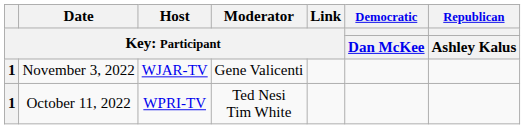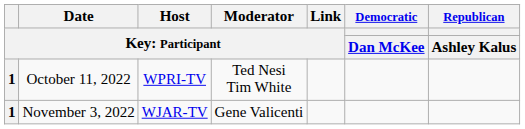 <table class="wikitable" style="text-align:center;">
 <tr>
 <th scope="col"></th>
 <th scope="col">Date</th>
 <th scope="col">Host</th>
 <th scope="col">Moderator</th>
 <th scope="col">Link</th>
 <th scope="col"><small><a href='#'>Democratic</a></small></th>
 <th scope="col"><small><a href='#'>Republican</a></small></th>
 </tr>
 <tr>
 <th colspan="5" rowspan="2">Key:  <small>Participant </small></th>
 <th scope="col" style="background:"></th>
 <th scope="col" style="background:"></th>
 </tr>
 <tr>
 <th scope="col"><a href='#'>Dan McKee</a></th>
 <th scope="col">Ashley Kalus</th>
 </tr>
 <tr>
 <th scope="row">1</th>
+<td style="white-space:nowrap;">October 11, 2022</td>
+<td style="white-space:nowrap;"><a href='#'>WPRI-TV</a></td>
+<td style="white-space:nowrap;">Ted Nesi<br>Tim White</td>
+<td style="white-space:nowrap;"></td>
+<td></td>
+<td></td>
+</tr>
+<tr>
+<th scope="row">1</th>
 <td style="white-space:nowrap;">November 3, 2022</td>
 <td style="white-space:nowrap;"><a href='#'>WJAR-TV</a></td>
 <td style="white-space:nowrap;">Gene Valicenti</td>
 <td style="white-space:nowrap;"></td>
 <td></td>
 <td></td>
 </tr>
-<tr>
-<th scope="row">1</th>
-<td style="white-space:nowrap;">October 11, 2022</td>
-<td style="white-space:nowrap;"><a href='#'>WPRI-TV</a></td>
-<td style="white-space:nowrap;">Ted Nesi<br>Tim White</td>
-<td style="white-space:nowrap;"></td>
-<td></td>
-<td></td>
-</tr>
 </table>
